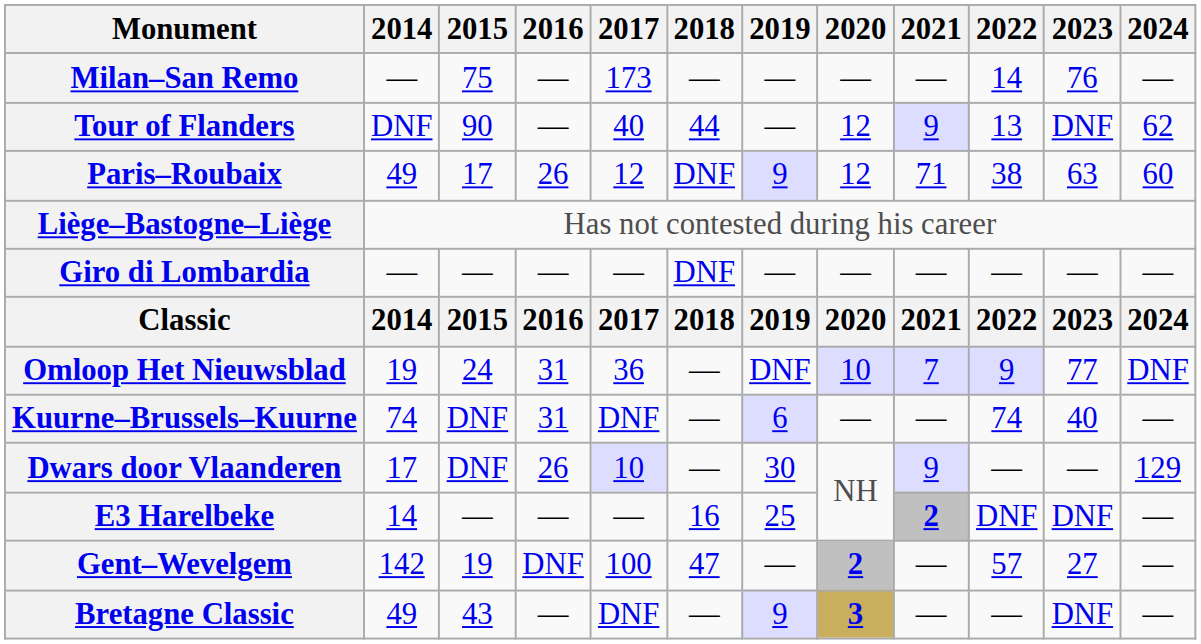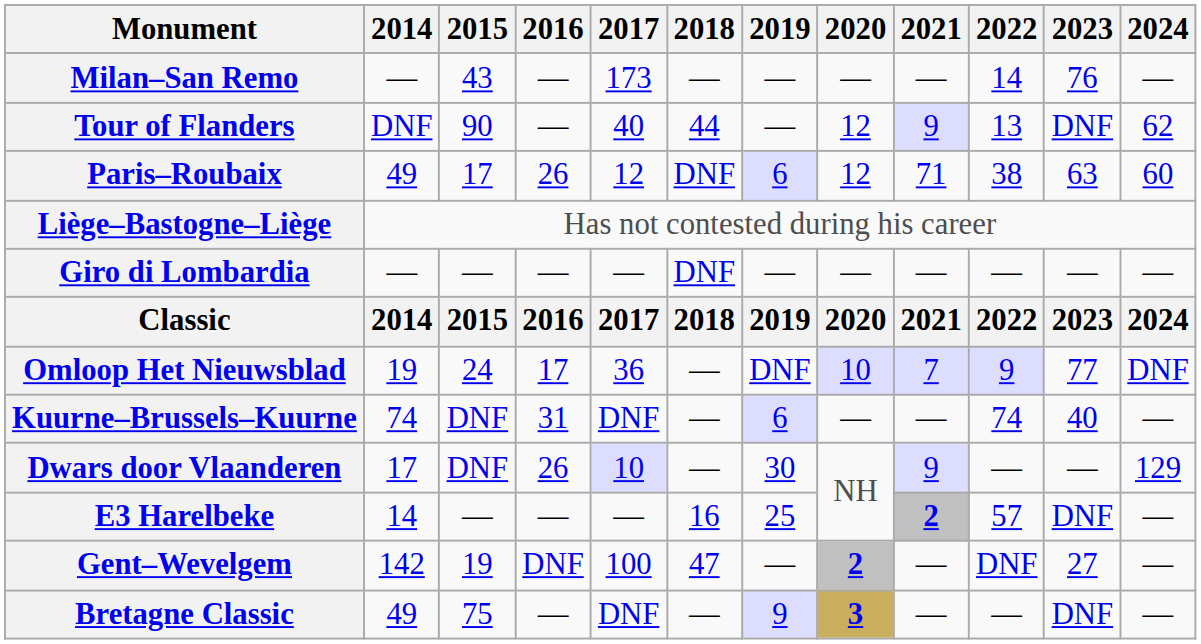 <table class="wikitable plainrowheaders">
 <tr>
 <th>Monument</th>
 <th>2014</th>
 <th>2015</th>
 <th>2016</th>
 <th>2017</th>
 <th>2018</th>
 <th>2019</th>
 <th>2020</th>
 <th>2021</th>
 <th>2022</th>
 <th>2023</th>
 <th>2024</th>
 </tr>
 <tr style="text-align:center;">
 <th scope="row"><a href='#'>Milan–San Remo</a></th>
 <td>—</td>
-<td><a href='#'>75</a></td>
+<td><a href='#'>43</a></td>
 <td>—</td>
 <td><a href='#'>173</a></td>
 <td>—</td>
 <td>—</td>
 <td>—</td>
 <td>—</td>
 <td><a href='#'>14</a></td>
 <td><a href='#'>76</a></td>
 <td>—</td>
 </tr>
 <tr style="text-align:center;">
 <th scope="row"><a href='#'>Tour of Flanders</a></th>
 <td><a href='#'>DNF</a></td>
 <td><a href='#'>90</a></td>
 <td>—</td>
 <td><a href='#'>40</a></td>
 <td><a href='#'>44</a></td>
 <td>—</td>
 <td><a href='#'>12</a></td>
 <td style="background:#ddf;"><a href='#'>9</a></td>
 <td><a href='#'>13</a></td>
 <td><a href='#'>DNF</a></td>
 <td><a href='#'>62</a></td>
 </tr>
 <tr style="text-align:center;">
 <th scope="row"><a href='#'>Paris–Roubaix</a></th>
 <td><a href='#'>49</a></td>
 <td><a href='#'>17</a></td>
 <td><a href='#'>26</a></td>
 <td><a href='#'>12</a></td>
 <td><a href='#'>DNF</a></td>
-<td style="background:#ddf;"><a href='#'>9</a></td>
+<td style="background:#ddf;"><a href='#'>6</a></td>
 <td><a href='#'>12</a></td>
 <td><a href='#'>71</a></td>
 <td><a href='#'>38</a></td>
 <td><a href='#'>63</a></td>
 <td><a href='#'>60</a></td>
 </tr>
 <tr style="text-align:center;">
 <th scope="row"><a href='#'>Liège–Bastogne–Liège</a></th>
 <td style="color:#4d4d4d;" colspan=11>Has not contested during his career</td>
 </tr>
 <tr style="text-align:center;">
 <th scope="row"><a href='#'>Giro di Lombardia</a></th>
 <td>—</td>
 <td>—</td>
 <td>—</td>
 <td>—</td>
 <td><a href='#'>DNF</a></td>
 <td>—</td>
 <td>—</td>
 <td>—</td>
 <td>—</td>
 <td>—</td>
 <td>—</td>
 </tr>
 <tr>
 <th>Classic</th>
 <th>2014</th>
 <th>2015</th>
 <th>2016</th>
 <th>2017</th>
 <th>2018</th>
 <th>2019</th>
 <th>2020</th>
 <th>2021</th>
 <th>2022</th>
 <th>2023</th>
 <th>2024</th>
 </tr>
 <tr style="text-align:center;">
 <th scope="row"><a href='#'>Omloop Het Nieuwsblad</a></th>
 <td><a href='#'>19</a></td>
 <td><a href='#'>24</a></td>
-<td><a href='#'>31</a></td>
+<td><a href='#'>17</a></td>
 <td><a href='#'>36</a></td>
 <td>—</td>
 <td><a href='#'>DNF</a></td>
 <td style="background:#ddf;"><a href='#'>10</a></td>
 <td style="background:#ddf;"><a href='#'>7</a></td>
 <td style="background:#ddf;"><a href='#'>9</a></td>
 <td><a href='#'>77</a></td>
 <td><a href='#'>DNF</a></td>
 </tr>
 <tr style="text-align:center;">
 <th scope="row"><a href='#'>Kuurne–Brussels–Kuurne</a></th>
 <td><a href='#'>74</a></td>
 <td><a href='#'>DNF</a></td>
 <td><a href='#'>31</a></td>
 <td><a href='#'>DNF</a></td>
 <td>—</td>
 <td style="background:#ddf;"><a href='#'>6</a></td>
 <td>—</td>
 <td>—</td>
 <td><a href='#'>74</a></td>
 <td><a href='#'>40</a></td>
 <td>—</td>
 </tr>
 <tr style="text-align:center;">
 <th scope="row"><a href='#'>Dwars door Vlaanderen</a></th>
 <td><a href='#'>17</a></td>
 <td><a href='#'>DNF</a></td>
 <td><a href='#'>26</a></td>
 <td style="background:#ddf;"><a href='#'>10</a></td>
 <td>—</td>
 <td><a href='#'>30</a></td>
 <td style="color:#4d4d4d;" rowspan=2>NH</td>
 <td style="background:#ddf;"><a href='#'>9</a></td>
 <td>—</td>
 <td>—</td>
 <td><a href='#'>129</a></td>
 </tr>
 <tr style="text-align:center;">
 <th scope="row"><a href='#'>E3 Harelbeke</a></th>
 <td><a href='#'>14</a></td>
 <td>—</td>
 <td>—</td>
 <td>—</td>
 <td><a href='#'>16</a></td>
 <td><a href='#'>25</a></td>
 <td style="background:#C0C0C0;"><a href='#'><strong>2</strong></a></td>
-<td><a href='#'>DNF</a></td>
+<td><a href='#'>57</a></td>
 <td><a href='#'>DNF</a></td>
 <td>—</td>
 </tr>
 <tr style="text-align:center;">
 <th scope="row"><a href='#'>Gent–Wevelgem</a></th>
 <td><a href='#'>142</a></td>
 <td><a href='#'>19</a></td>
 <td><a href='#'>DNF</a></td>
 <td><a href='#'>100</a></td>
 <td><a href='#'>47</a></td>
 <td>—</td>
 <td style="background:#C0C0C0;"><a href='#'><strong>2</strong></a></td>
 <td>—</td>
-<td><a href='#'>57</a></td>
+<td><a href='#'>DNF</a></td>
 <td><a href='#'>27</a></td>
 <td>—</td>
 </tr>
 <tr style="text-align:center;">
 <th scope="row"><a href='#'>Bretagne Classic</a></th>
 <td><a href='#'>49</a></td>
-<td><a href='#'>43</a></td>
+<td><a href='#'>75</a></td>
 <td>—</td>
 <td><a href='#'>DNF</a></td>
 <td>—</td>
 <td style="background:#ddf;"><a href='#'>9</a></td>
 <td style="background:#C9AE5D;"><a href='#'><strong>3</strong></a></td>
 <td>—</td>
 <td>—</td>
 <td><a href='#'>DNF</a></td>
 <td>—</td>
 </tr>
 </table>
